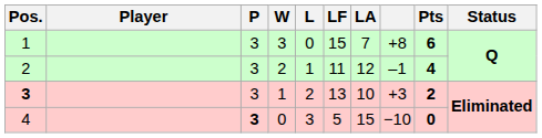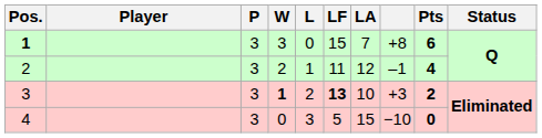 <table class="wikitable" style="text-align:center; margin: 1em auto 1em auto, align:left">
 <tr>
 <th width=20>Pos.</th>
 <th width=185>Player</th>
 <th width=20>P</th>
 <th width=20>W</th>
 <th width=20>L</th>
 <th width=20>LF</th>
 <th width=20>LA</th>
 <th width=25></th>
 <th width=20>Pts</th>
 <th width=70>Status</th>
 </tr>
 <tr style="background:#CCFFCC;">
-<td>1</td>
+<td><strong>1</strong></td>
 <td style="text-align:left"></td>
 <td>3</td>
 <td>3</td>
 <td>0</td>
 <td>15</td>
 <td>7</td>
 <td>+8</td>
 <td><strong>6</strong></td>
 <td rowspan=2><strong>Q</strong></td>
 </tr>
 <tr style="background:#CCFFCC;">
 <td>2</td>
 <td style="text-align:left"></td>
 <td>3</td>
 <td>2</td>
 <td>1</td>
 <td>11</td>
 <td>12</td>
 <td>–1</td>
 <td><strong>4</strong></td>
 </tr>
 <tr style="background:#FFccCC;">
-<td><strong>3</strong></td>
+<td>3</td>
 <td style="text-align:left"></td>
 <td>3</td>
-<td>1</td>
+<td><strong>1</strong></td>
 <td>2</td>
-<td>13</td>
+<td><strong>13</strong></td>
 <td>10</td>
 <td>+3</td>
 <td><strong>2</strong></td>
 <td rowspan=2><strong>Eliminated</strong></td>
 </tr>
 <tr style="background:#FFccCC;">
 <td>4</td>
 <td style="text-align:left"></td>
-<td><strong>3</strong></td>
+<td>3</td>
 <td>0</td>
 <td>3</td>
 <td>5</td>
 <td>15</td>
 <td>−10</td>
 <td><strong>0</strong></td>
 </tr>
 </table>
